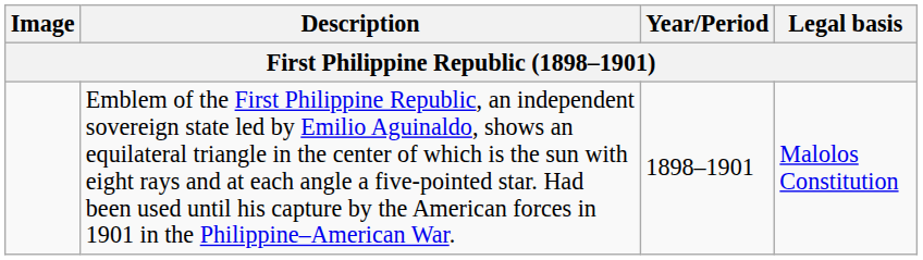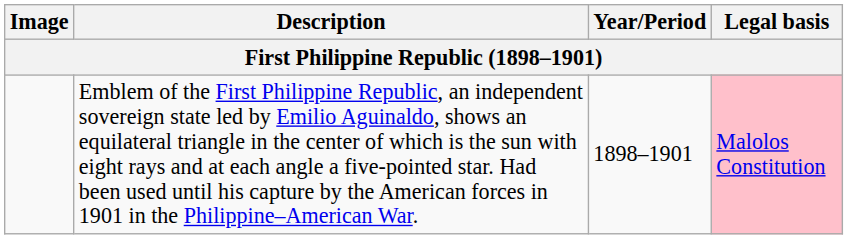 <table class="wikitable" align="center">
 <tr>
 <th>Image</th>
 <th>Description</th>
 <th>Year/Period</th>
 <th>Legal basis</th>
 </tr>
 <tr>
 <th colspan="4">First Philippine Republic (1898–1901)</th>
 </tr>
 <tr>
 <td></td>
 <td>Emblem of the <a href='#'>First Philippine Republic</a>, an  independent sovereign state led by <a href='#'>Emilio Aguinaldo</a>, shows an equilateral triangle in the center of which is the sun with eight rays and at each angle a five-pointed star. Had been used until his capture by the American forces in 1901 in the <a href='#'>Philippine–American War</a>.</td>
 <td>1898–1901</td>
-<td><a href='#'>Malolos Constitution</a></td>
+<td style="background: pink;"><a href='#'>Malolos Constitution</a></td>
 </tr>
 </table>
